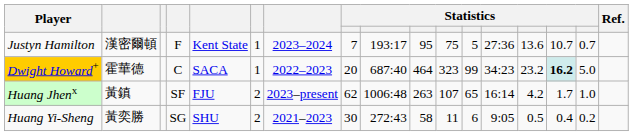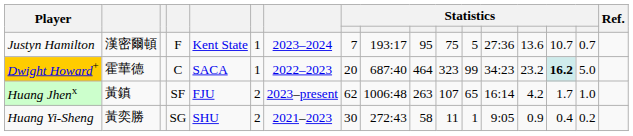 <table class="wikitable sortable" style="font-size:95%; text-align:right;">
 <tr>
 <th rowspan="2">Player</th>
 <th rowspan="2"></th>
 <th rowspan="2"></th>
 <th rowspan="2"></th>
 <th rowspan="2"></th>
 <th rowspan="2"></th>
 <th rowspan="2"></th>
 <th colspan="9">Statistics</th>
 <th rowspan="2">Ref.</th>
 </tr>
 <tr>
 <th></th>
 <th></th>
 <th></th>
 <th></th>
 <th></th>
 <th></th>
 <th></th>
 <th></th>
 <th></th>
 </tr>
 <tr>
 <td align="left"><em>Justyn Hamilton</em></td>
 <td align="left">漢密爾頓</td>
 <td align="center"></td>
 <td align="center">F</td>
 <td align="left"><a href='#'>Kent State</a></td>
 <td align="center">1</td>
 <td align="center"><a href='#'>2023–2024</a></td>
 <td>7</td>
 <td>193:17</td>
 <td>95</td>
 <td>75</td>
 <td>5</td>
 <td>27:36</td>
 <td>13.6</td>
 <td>10.7</td>
 <td>0.7</td>
 <td align="center"></td>
 </tr>
 <tr>
 <td align="left" bgcolor="#FFCC00"><em><a href='#'>Dwight Howard</a></em><sup>+</sup></td>
 <td align="left">霍華德</td>
 <td align="center"></td>
 <td align="center">C</td>
 <td align="left"><a href='#'>SACA</a></td>
 <td align="center">1</td>
 <td align="center"><a href='#'>2022–2023</a></td>
 <td>20</td>
 <td>687:40</td>
 <td>464</td>
 <td>323</td>
 <td>99</td>
 <td>34:23</td>
 <td>23.2</td>
 <td bgcolor="#CFECEC"><strong>16.2</strong></td>
 <td>5.0</td>
 <td align="center"></td>
 </tr>
 <tr>
 <td align="left" bgcolor="#CCFFCC"><em>Huang Jhen</em><sup>x</sup></td>
 <td align="left">黃鎮</td>
 <td align="center"></td>
 <td align="center">SF</td>
 <td align="left"><a href='#'>FJU</a></td>
 <td align="center">2</td>
 <td align="center"><a href='#'>2023</a>–<a href='#'>present</a></td>
 <td>62</td>
 <td>1006:48</td>
 <td>263</td>
 <td>107</td>
 <td>65</td>
 <td>16:14</td>
 <td>4.2</td>
 <td>1.7</td>
 <td>1.0</td>
 <td align="center"></td>
 </tr>
 <tr>
 <td align="left"><em>Huang Yi-Sheng</em></td>
 <td align="left">黃奕勝</td>
 <td align="center"></td>
 <td align="center">SG</td>
 <td align="left"><a href='#'>SHU</a></td>
 <td align="center">2</td>
 <td align="center"><a href='#'>2021</a>–<a href='#'>2023</a></td>
 <td>30</td>
 <td>272:43</td>
 <td>58</td>
 <td>11</td>
-<td>6</td>
+<td>1</td>
 <td>9:05</td>
-<td>0.5</td>
+<td>0.9</td>
 <td>0.4</td>
 <td>0.2</td>
 <td align="center"></td>
 </tr>
 </table>
